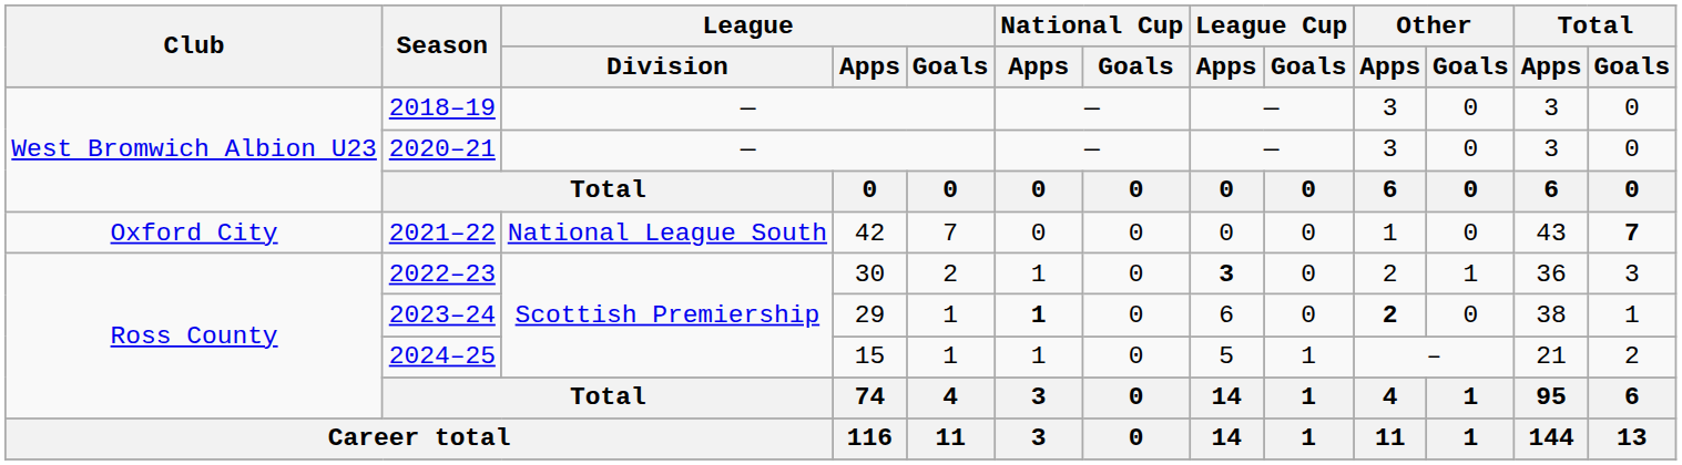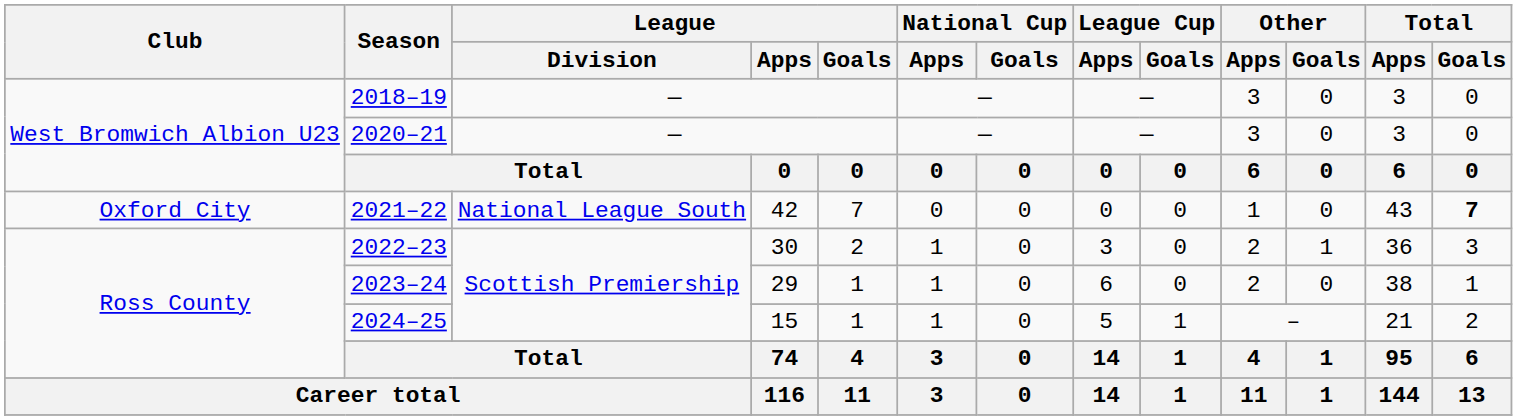 <table class=wikitable style=text-align:center>
 <tr>
 <th rowspan=2>Club</th>
 <th rowspan=2>Season</th>
 <th colspan=3>League</th>
 <th colspan=2>National Cup</th>
 <th colspan=2>League Cup</th>
 <th colspan=2>Other</th>
 <th colspan=2>Total</th>
 </tr>
 <tr>
 <th>Division</th>
 <th>Apps</th>
 <th>Goals</th>
 <th>Apps</th>
 <th>Goals</th>
 <th>Apps</th>
 <th>Goals</th>
 <th>Apps</th>
 <th>Goals</th>
 <th>Apps</th>
 <th>Goals</th>
 </tr>
 <tr>
 <td rowspan=3><a href='#'>West Bromwich Albion U23</a></td>
 <td><a href='#'>2018–19</a></td>
 <td colspan=3>—</td>
 <td colspan=2>—</td>
 <td colspan=2>—</td>
 <td>3</td>
 <td>0</td>
 <td>3</td>
 <td>0</td>
 </tr>
 <tr>
 <td><a href='#'>2020–21</a></td>
 <td colspan=3>—</td>
 <td colspan=2>—</td>
 <td colspan=2>—</td>
 <td>3</td>
 <td>0</td>
 <td>3</td>
 <td>0</td>
 </tr>
 <tr>
 <th colspan=2>Total</th>
 <th>0</th>
 <th>0</th>
 <th>0</th>
 <th>0</th>
 <th>0</th>
 <th>0</th>
 <th>6</th>
 <th>0</th>
 <th>6</th>
 <th>0</th>
 </tr>
 <tr>
 <td><a href='#'>Oxford City</a></td>
 <td><a href='#'>2021–22</a></td>
 <td><a href='#'>National League South</a></td>
 <td>42</td>
 <td>7</td>
 <td>0</td>
 <td>0</td>
 <td>0</td>
 <td>0</td>
 <td>1</td>
 <td>0</td>
 <td>43</td>
 <td><strong>7</strong></td>
 </tr>
 <tr>
 <td rowspan=4><a href='#'>Ross County</a></td>
 <td><a href='#'>2022–23</a></td>
 <td rowspan=3><a href='#'>Scottish Premiership</a></td>
 <td>30</td>
 <td>2</td>
 <td>1</td>
 <td>0</td>
-<td><strong>3</strong></td>
+<td>3</td>
 <td>0</td>
 <td>2</td>
 <td>1</td>
 <td>36</td>
 <td>3</td>
 </tr>
 <tr>
 <td><a href='#'>2023–24</a></td>
 <td>29</td>
 <td>1</td>
-<td><strong>1</strong></td>
+<td>1</td>
 <td>0</td>
 <td>6</td>
 <td>0</td>
-<td><strong>2</strong></td>
+<td>2</td>
 <td>0</td>
 <td>38</td>
 <td>1</td>
 </tr>
 <tr>
 <td><a href='#'>2024–25</a></td>
 <td>15</td>
 <td>1</td>
 <td>1</td>
 <td>0</td>
 <td>5</td>
 <td>1</td>
 <td colspan="2">–</td>
 <td>21</td>
 <td>2</td>
 </tr>
 <tr>
 <th Colspan=2>Total</th>
 <th>74</th>
 <th>4</th>
 <th>3</th>
 <th>0</th>
 <th>14</th>
 <th>1</th>
 <th>4</th>
 <th>1</th>
 <th>95</th>
 <th>6</th>
 </tr>
 <tr>
 <th colspan=3>Career total</th>
 <th>116</th>
 <th>11</th>
 <th>3</th>
 <th>0</th>
 <th>14</th>
 <th>1</th>
 <th>11</th>
 <th>1</th>
 <th>144</th>
 <th>13</th>
 </tr>
 </table>
